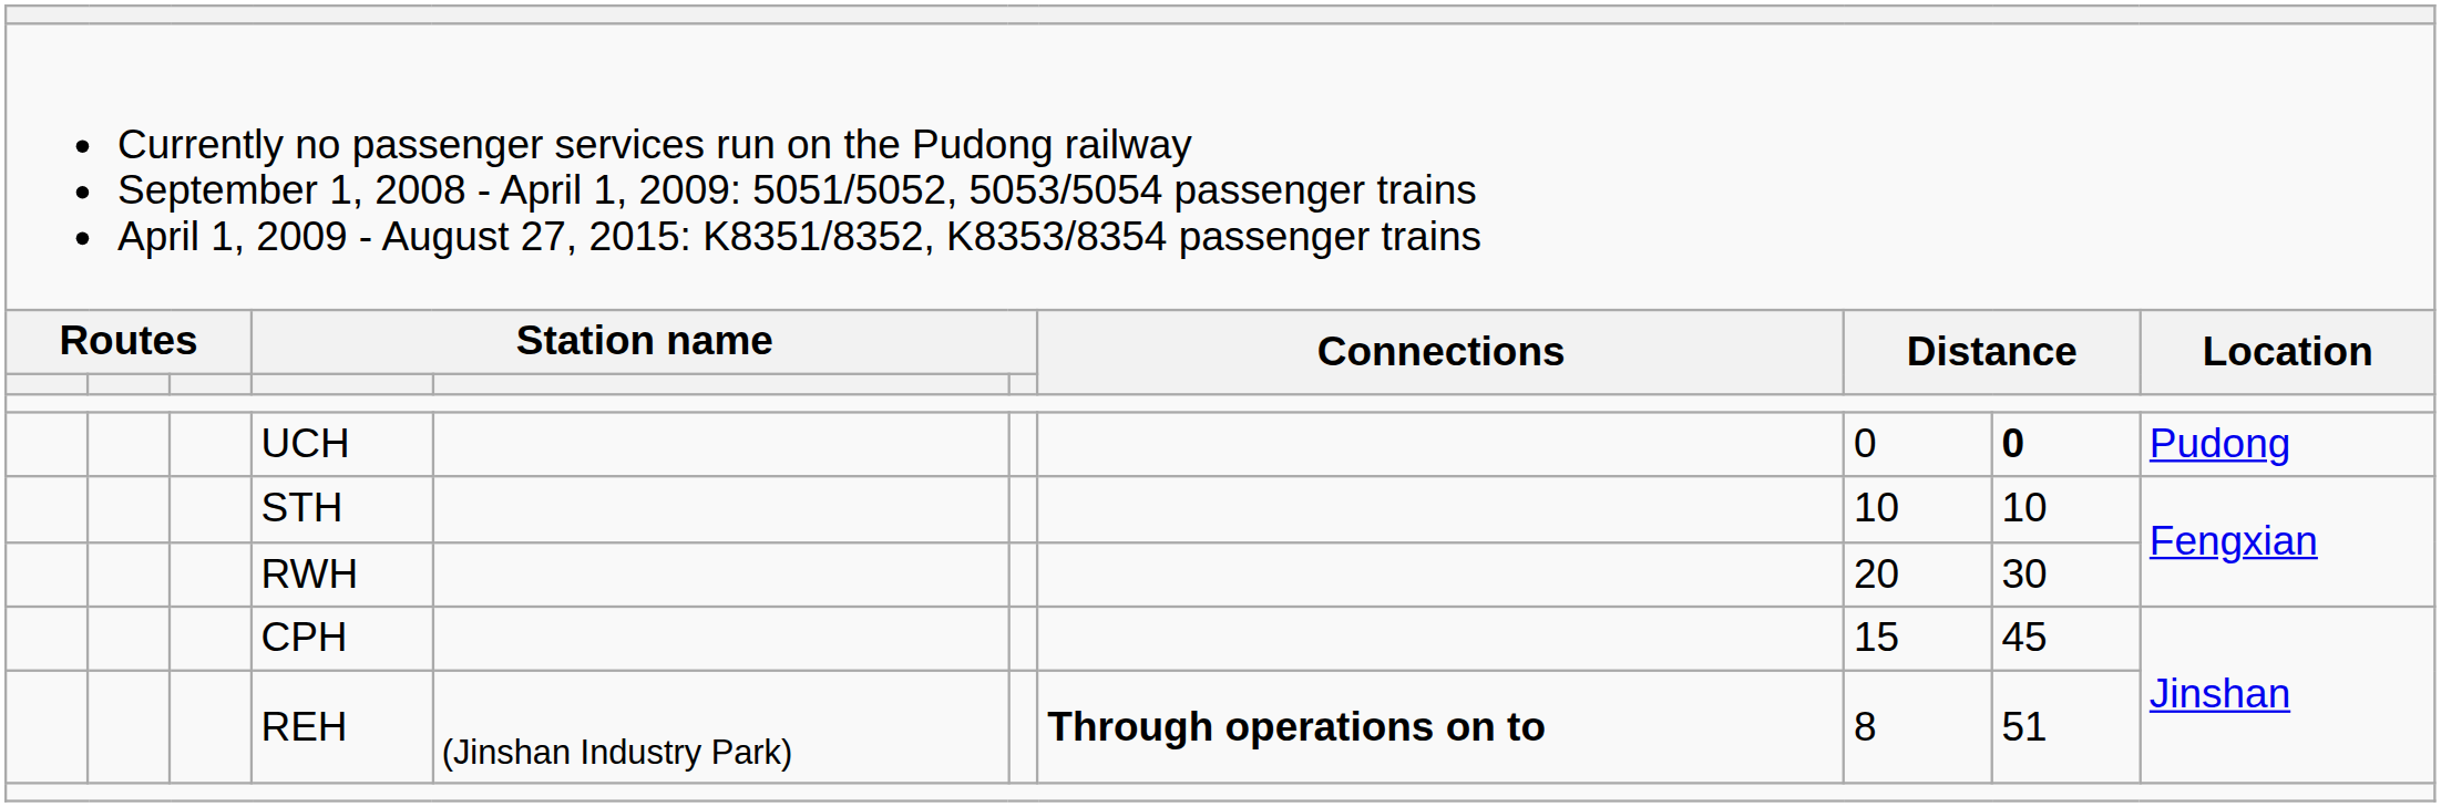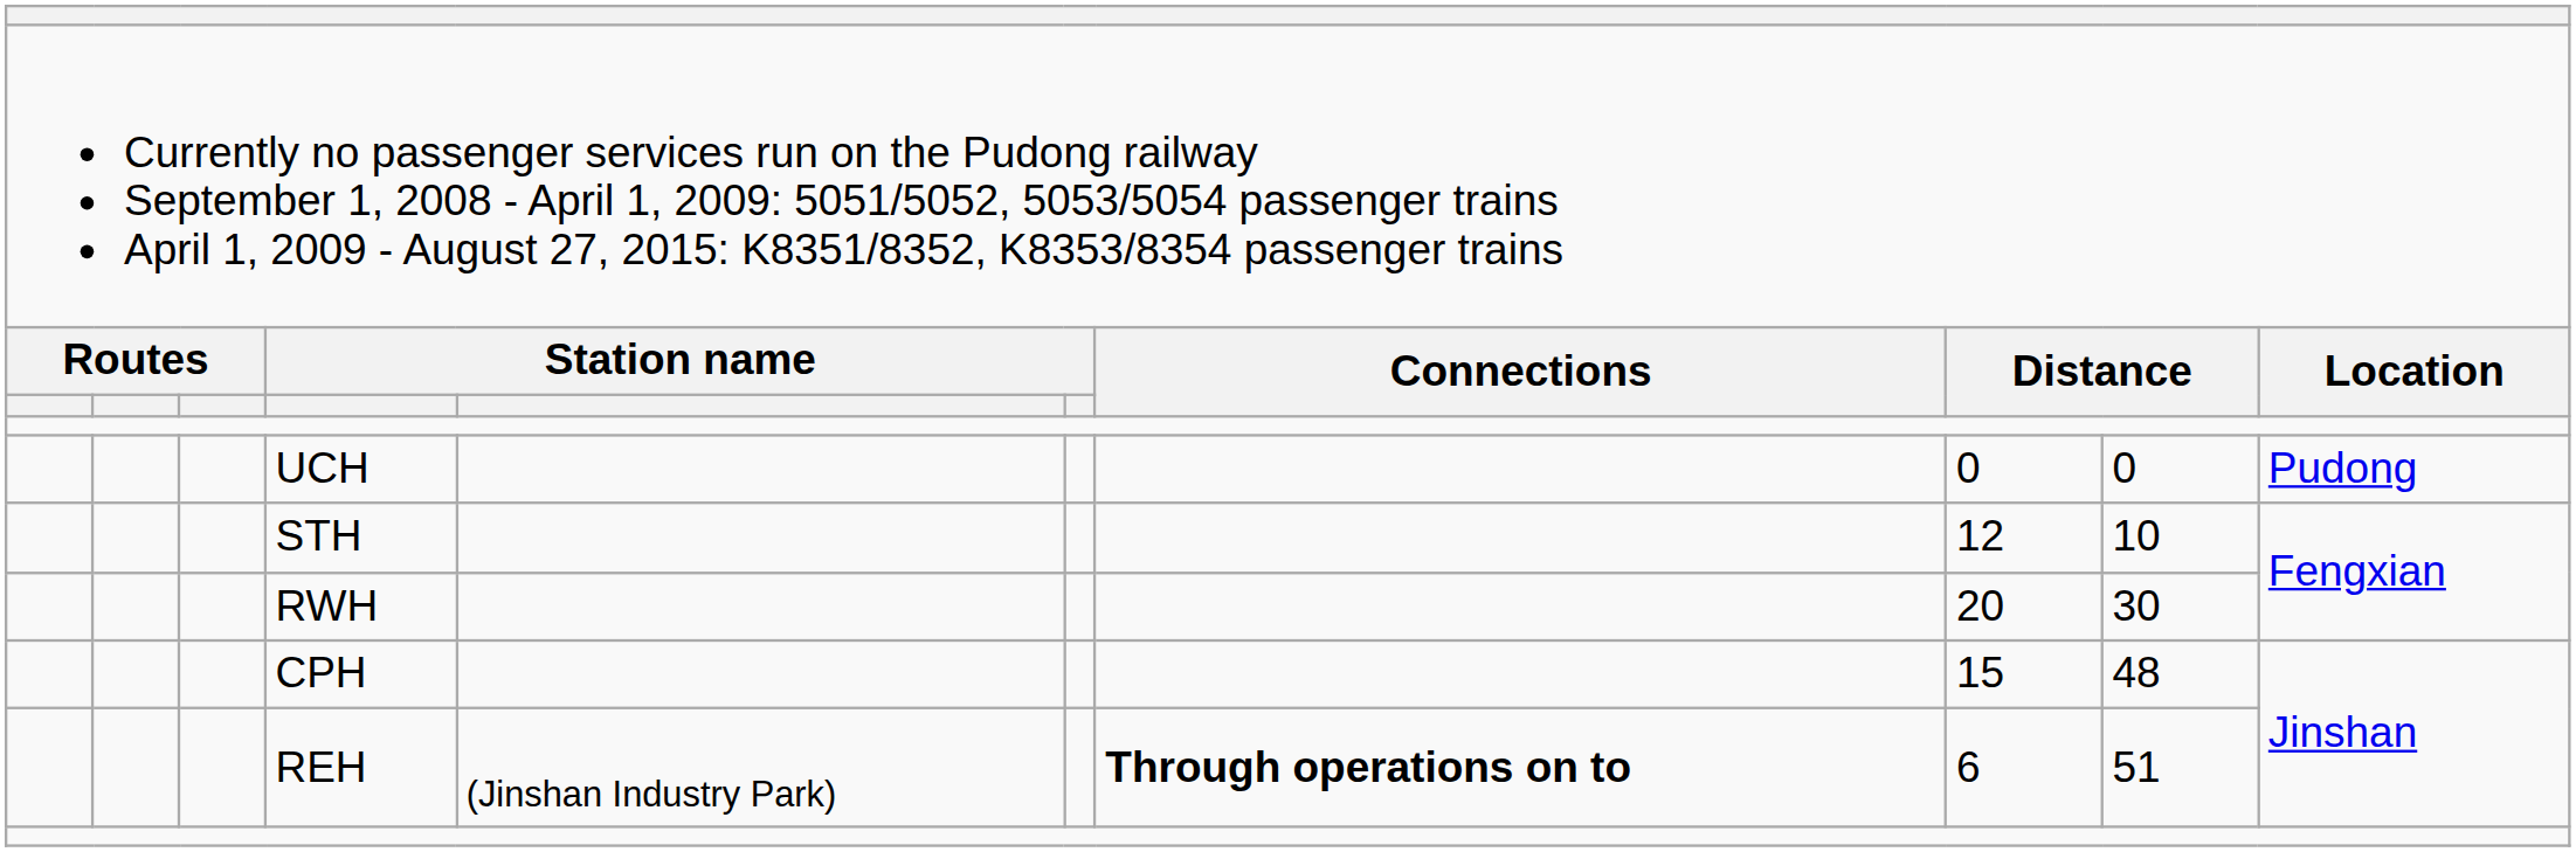 <table class="wikitable mw-collapsible" | style="width: 60%;">
 <tr>
 <th colspan="11" style="text-align:center; background:#"></th>
 </tr>
 <tr>
 <td colspan="11" style="text-align: left"><br><ul><li>Currently no passenger services run on the Pudong railway</li><li>September 1, 2008 - April 1, 2009: 5051/5052, 5053/5054 passenger trains</li><li>April 1, 2009 - August 27, 2015: K8351/8352, K8353/8354 passenger trains</li></ul></td>
 </tr>
 <tr>
 <th colspan="3">Routes</th>
 <th colspan="3">Station name</th>
 <th rowspan="2">Connections</th>
 <th colspan="2" rowspan="2">Distance<br></th>
 <th rowspan="2">Location</th>
 </tr>
 <tr>
 <th></th>
 <th></th>
 <th></th>
 <th></th>
 <th></th>
 <th></th>
 </tr>
 <tr style="background:#">
 <td colspan = "10"></td>
 </tr>
 <tr>
 <td align="center"></td>
 <td align="center"></td>
 <td align="center"></td>
 <td>UCH</td>
 <td></td>
 <td></td>
 <td></td>
 <td>0</td>
-<td><strong>0</strong></td>
+<td>0</td>
 <td rowspan="1"><a href='#'>Pudong</a></td>
 </tr>
 <tr>
 <td align="center"></td>
 <td align="center"></td>
 <td align="center"></td>
 <td>STH</td>
 <td></td>
 <td></td>
 <td></td>
-<td>10</td>
+<td>12</td>
 <td>10</td>
 <td rowspan="2"><a href='#'>Fengxian</a></td>
 </tr>
 <tr>
 <td align="center"></td>
 <td align="center"></td>
 <td align="center"></td>
 <td>RWH</td>
 <td></td>
 <td></td>
 <td></td>
 <td>20</td>
 <td>30</td>
 </tr>
 <tr>
 <td align="center"></td>
 <td align="center"></td>
 <td align="center"></td>
 <td>CPH</td>
 <td></td>
 <td></td>
 <td></td>
 <td>15</td>
-<td>45</td>
+<td>48</td>
 <td rowspan="2"><a href='#'>Jinshan</a></td>
 </tr>
 <tr>
 <td align="center"></td>
 <td align="center"></td>
 <td align="center"></td>
 <td>REH</td>
 <td><br><small>(Jinshan Industry Park)</small></td>
 <td></td>
 <td><strong>Through operations on  to </strong></td>
-<td>8</td>
+<td>6</td>
 <td>51</td>
 </tr>
 <tr style="background:#">
 <td colspan = "10"></td>
 </tr>
 </table>
